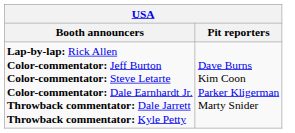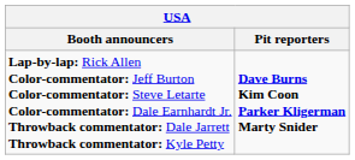 <table class="wikitable" style="font-size: 95%;">
 <tr>
 <th colspan="2"><a href='#'>USA</a></th>
 </tr>
 <tr>
 <th>Booth announcers</th>
 <th>Pit reporters</th>
 </tr>
 <tr>
 <td><strong>Lap-by-lap:</strong> <a href='#'>Rick Allen</a><br><strong>Color-commentator:</strong> <a href='#'>Jeff Burton</a><br><strong>Color-commentator:</strong> <a href='#'>Steve Letarte</a><br><strong>Color-commentator:</strong> <a href='#'>Dale Earnhardt Jr.</a><br> <strong>Throwback commentator:</strong> <a href='#'>Dale Jarrett</a><br><strong>Throwback commentator:</strong> <a href='#'>Kyle Petty</a></td>
-<td><a href='#'>Dave Burns</a><br>Kim Coon<br><a href='#'>Parker Kligerman</a><br>Marty Snider</td>
+<td><strong><a href='#'>Dave Burns</a><br>Kim Coon<br><a href='#'>Parker Kligerman</a><br>Marty Snider</strong></td>
 </tr>
 </table>
